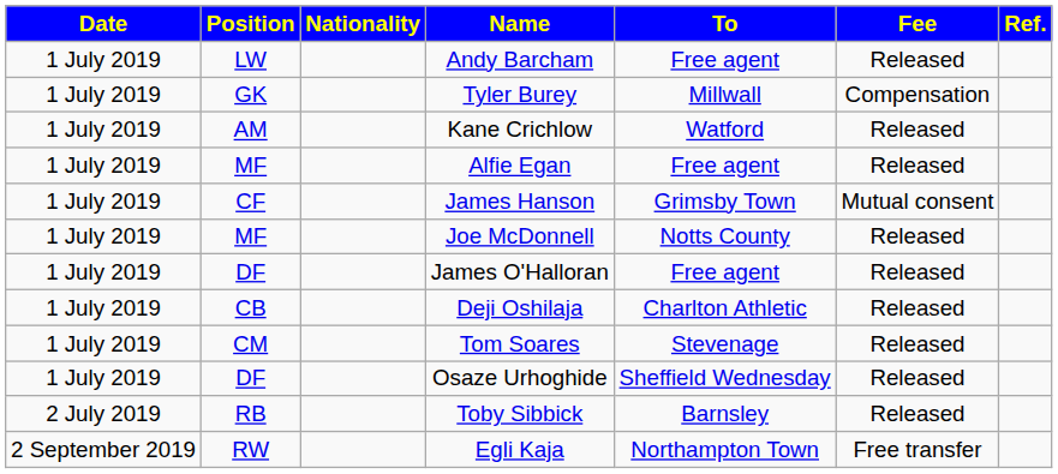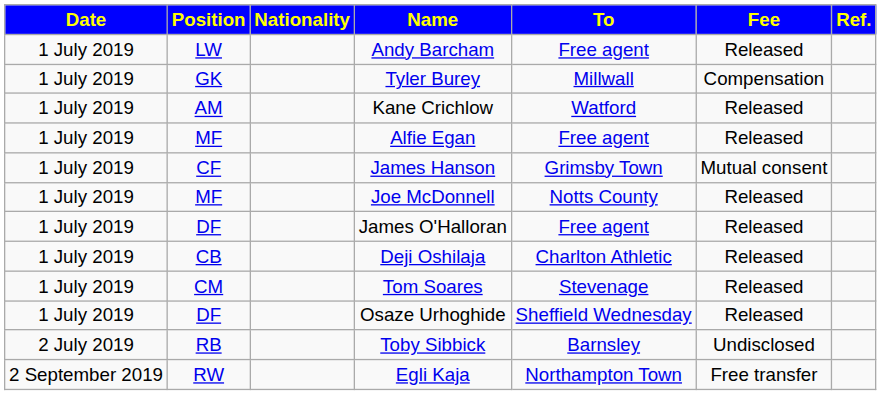 <table class="wikitable"  style="text-align:center; font-size:90%; ">
 <tr>
 <th style="background:#0000ff; color:#FFFF00; ">Date</th>
 <th style="background:#0000ff; color:#FFFF00; ">Position</th>
 <th style="background:#0000ff; color:#FFFF00; ">Nationality</th>
 <th style="background:#0000ff; color:#FFFF00; ">Name</th>
 <th style="background:#0000ff; color:#FFFF00; ">To</th>
 <th style="background:#0000ff; color:#FFFF00; ">Fee</th>
 <th style="background:#0000ff; color:#FFFF00; ">Ref.</th>
 </tr>
 <tr>
 <td>1 July 2019</td>
 <td><a href='#'>LW</a></td>
 <td></td>
 <td><a href='#'>Andy Barcham</a></td>
 <td> <a href='#'>Free agent</a></td>
 <td>Released</td>
 <td></td>
 </tr>
 <tr>
 <td>1 July 2019</td>
 <td><a href='#'>GK</a></td>
 <td></td>
 <td><a href='#'>Tyler Burey</a></td>
 <td> <a href='#'>Millwall</a></td>
 <td>Compensation</td>
 <td></td>
 </tr>
 <tr>
 <td>1 July 2019</td>
 <td><a href='#'>AM</a></td>
 <td></td>
 <td>Kane Crichlow</td>
 <td> <a href='#'>Watford</a></td>
 <td>Released</td>
 <td></td>
 </tr>
 <tr>
 <td>1 July 2019</td>
 <td><a href='#'>MF</a></td>
 <td></td>
 <td><a href='#'>Alfie Egan</a></td>
 <td> <a href='#'>Free agent</a></td>
 <td>Released</td>
 <td></td>
 </tr>
 <tr>
 <td>1 July 2019</td>
 <td><a href='#'>CF</a></td>
 <td></td>
 <td><a href='#'>James Hanson</a></td>
 <td> <a href='#'>Grimsby Town</a></td>
 <td>Mutual consent</td>
 <td></td>
 </tr>
 <tr>
 <td>1 July 2019</td>
 <td><a href='#'>MF</a></td>
 <td></td>
 <td><a href='#'>Joe McDonnell</a></td>
 <td> <a href='#'>Notts County</a></td>
 <td>Released</td>
 <td></td>
 </tr>
 <tr>
 <td>1 July 2019</td>
 <td><a href='#'>DF</a></td>
 <td></td>
 <td>James O'Halloran</td>
 <td> <a href='#'>Free agent</a></td>
 <td>Released</td>
 <td></td>
 </tr>
 <tr>
 <td>1 July 2019</td>
 <td><a href='#'>CB</a></td>
 <td></td>
 <td><a href='#'>Deji Oshilaja</a></td>
 <td> <a href='#'>Charlton Athletic</a></td>
 <td>Released</td>
 <td></td>
 </tr>
 <tr>
 <td>1 July 2019</td>
 <td><a href='#'>CM</a></td>
 <td></td>
 <td><a href='#'>Tom Soares</a></td>
 <td> <a href='#'>Stevenage</a></td>
 <td>Released</td>
 <td></td>
 </tr>
 <tr>
 <td>1 July 2019</td>
 <td><a href='#'>DF</a></td>
 <td></td>
 <td>Osaze Urhoghide</td>
 <td> <a href='#'>Sheffield Wednesday</a></td>
 <td>Released</td>
 <td></td>
 </tr>
 <tr>
 <td>2 July 2019</td>
 <td><a href='#'>RB</a></td>
 <td></td>
 <td><a href='#'>Toby Sibbick</a></td>
 <td> <a href='#'>Barnsley</a></td>
-<td>Released</td>
+<td>Undisclosed</td>
 <td></td>
 </tr>
 <tr>
 <td>2 September 2019</td>
 <td><a href='#'>RW</a></td>
 <td></td>
 <td><a href='#'>Egli Kaja</a></td>
 <td> <a href='#'>Northampton Town</a></td>
 <td>Free transfer</td>
 <td></td>
 </tr>
 </table>
